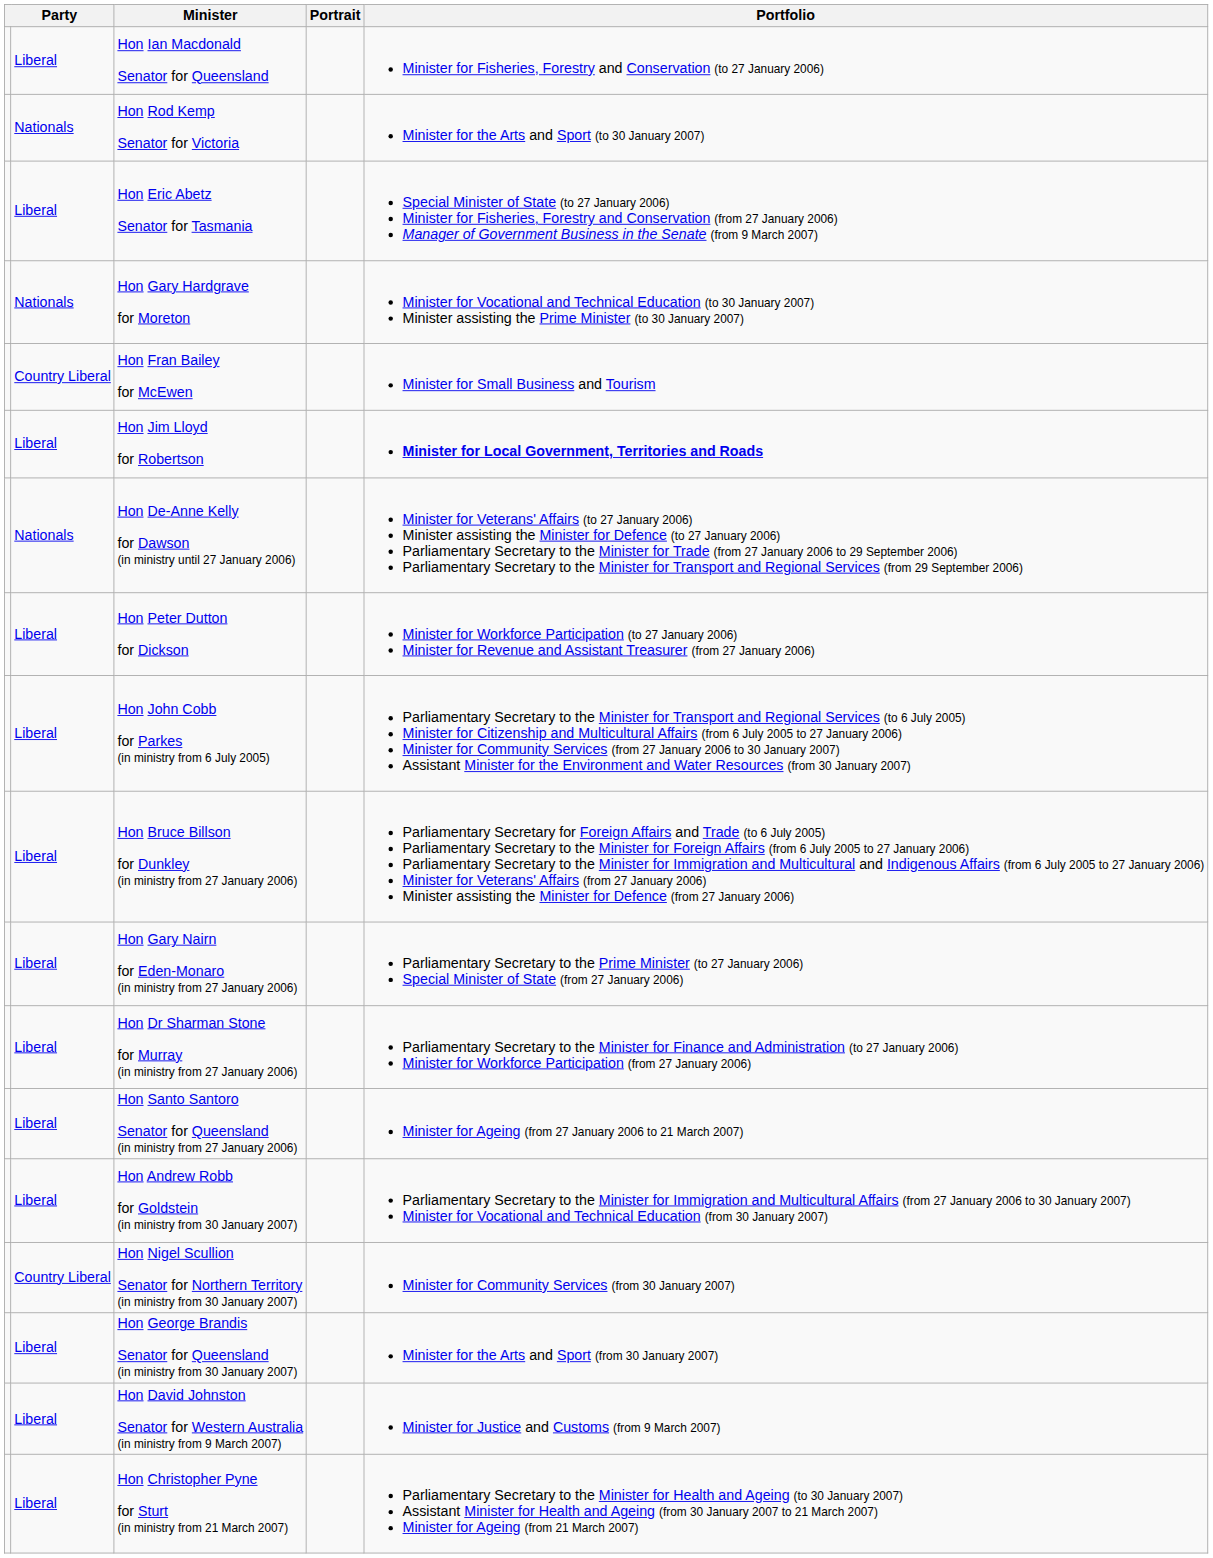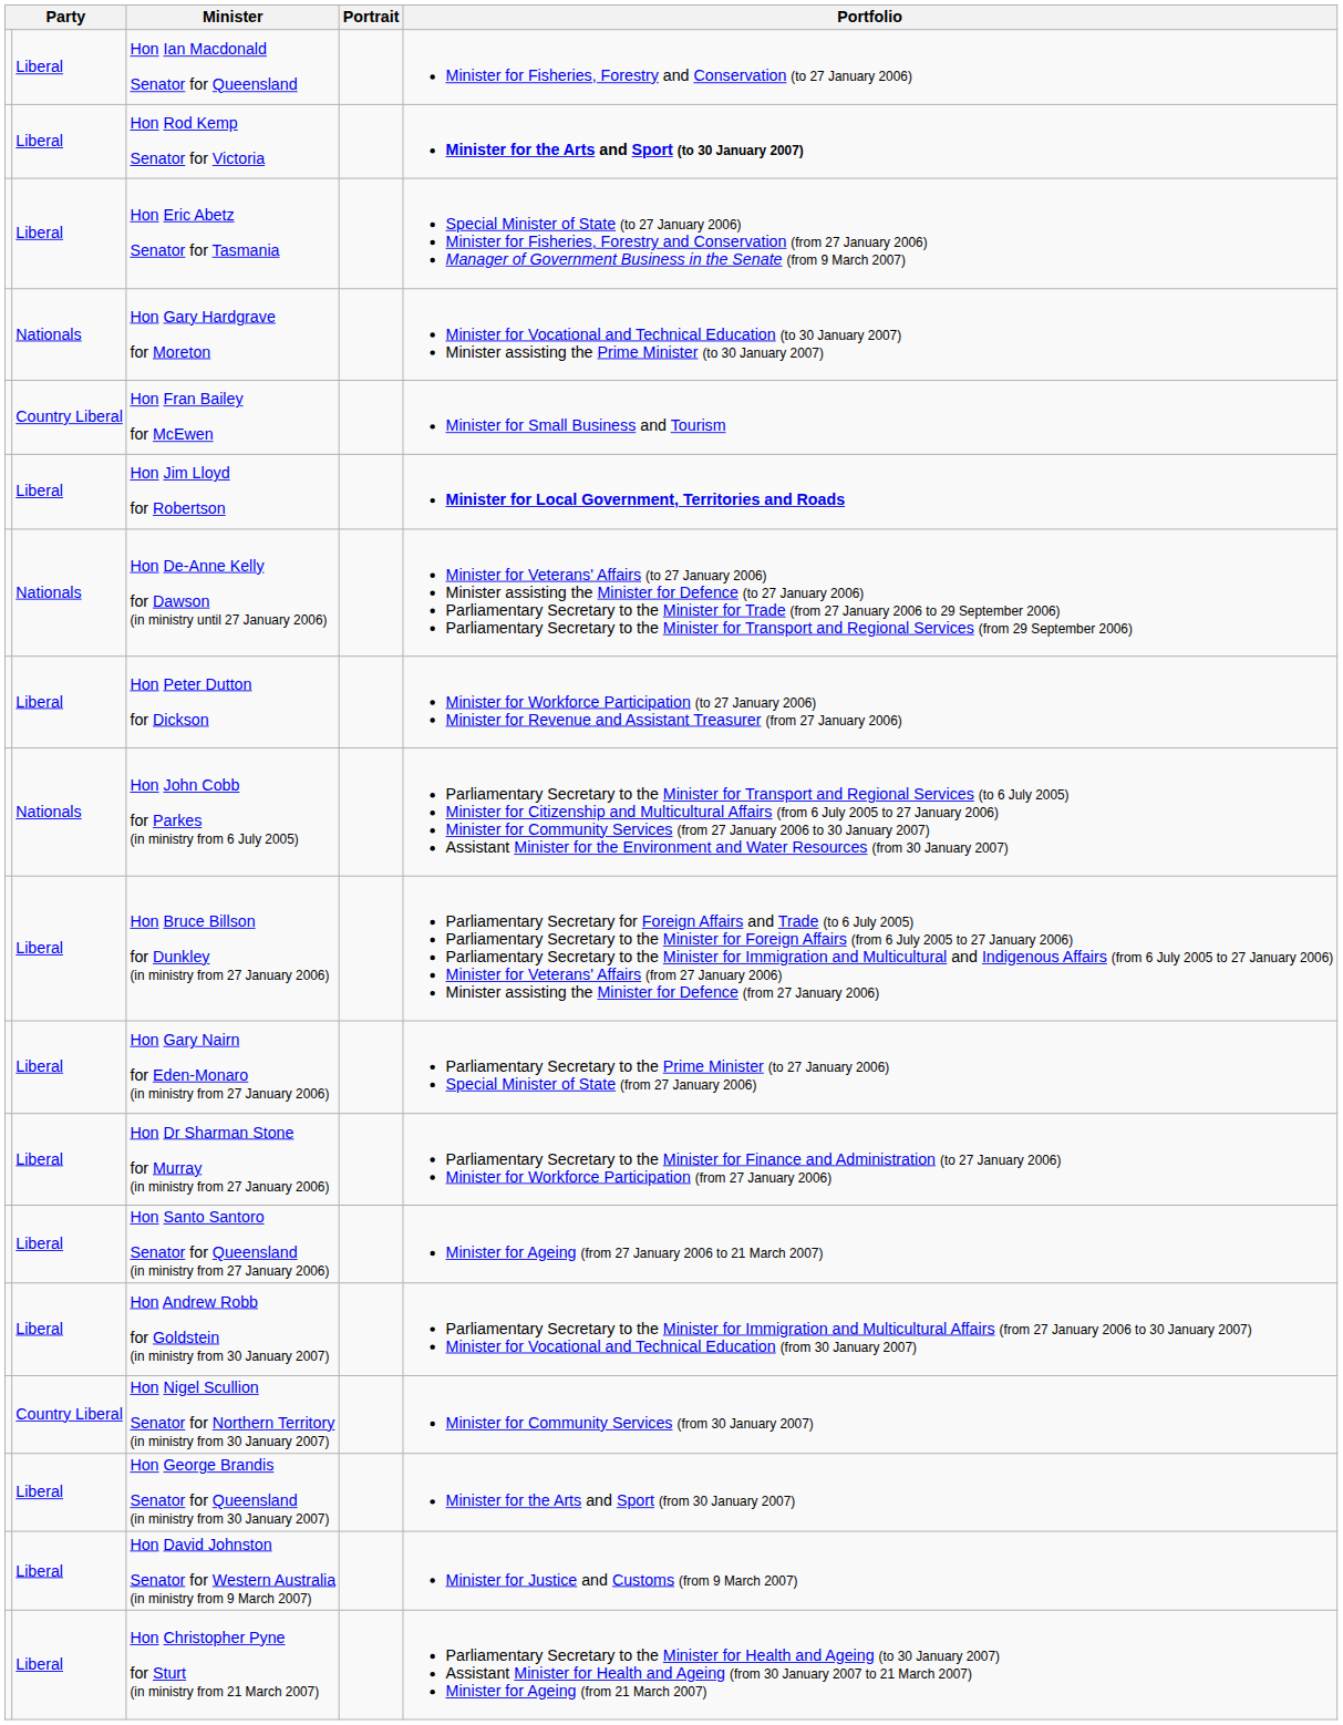 <table class="wikitable sortable">
 <tr>
 <th colspan="2">Party</th>
 <th>Minister</th>
 <th>Portrait</th>
 <th>Portfolio</th>
 </tr>
 <tr>
 <td></td>
 <td><a href='#'>Liberal</a></td>
 <td><a href='#'>Hon</a> <a href='#'>Ian Macdonald</a> <br><br><a href='#'>Senator</a> for <a href='#'>Queensland</a> <br></td>
 <td></td>
 <td><br><ul><li><a href='#'>Minister for Fisheries, Forestry</a> and <a href='#'>Conservation</a> <small>(to 27 January 2006)</small></li></ul></td>
 </tr>
 <tr>
 <td></td>
-<td><a href='#'>Nationals</a></td>
+<td><a href='#'>Liberal</a></td>
 <td><a href='#'>Hon</a> <a href='#'>Rod Kemp</a> <br><br><a href='#'>Senator</a> for <a href='#'>Victoria</a> <br></td>
 <td></td>
-<td><br><ul><li><a href='#'>Minister for the Arts</a> and <a href='#'>Sport</a> <small>(to 30 January 2007)</small></li></ul></td>
+<td><strong><br><ul><li><a href='#'>Minister for the Arts</a> and <a href='#'>Sport</a> <small>(to 30 January 2007)</small></li></ul></strong></td>
 </tr>
 <tr>
 <td></td>
 <td><a href='#'>Liberal</a></td>
 <td><a href='#'>Hon</a> <a href='#'>Eric Abetz</a> <br><br><a href='#'>Senator</a> for <a href='#'>Tasmania</a> <br></td>
 <td></td>
 <td><br><ul><li><a href='#'>Special Minister of State</a> <small>(to 27 January 2006)</small></li><li><a href='#'>Minister for Fisheries, Forestry and Conservation</a> <small>(from 27 January 2006)</small></li><li><em><a href='#'>Manager of Government Business in the Senate</a></em> <small>(from 9 March 2007)</small></li></ul></td>
 </tr>
 <tr>
 <td></td>
 <td><a href='#'>Nationals</a></td>
 <td><a href='#'>Hon</a> <a href='#'>Gary Hardgrave</a> <br><br> for <a href='#'>Moreton</a> <br></td>
 <td></td>
 <td><br><ul><li><a href='#'>Minister for Vocational and Technical Education</a> <small>(to 30 January 2007)</small></li><li>Minister assisting the <a href='#'>Prime Minister</a> <small>(to 30 January 2007)</small></li></ul></td>
 </tr>
 <tr>
 <td></td>
 <td><a href='#'>Country Liberal</a></td>
 <td><a href='#'>Hon</a> <a href='#'>Fran Bailey</a> <br><br> for <a href='#'>McEwen</a> <br></td>
 <td></td>
 <td><br><ul><li><a href='#'>Minister for Small Business</a> and <a href='#'>Tourism</a></li></ul></td>
 </tr>
 <tr>
 <td></td>
 <td><a href='#'>Liberal</a></td>
 <td><a href='#'>Hon</a> <a href='#'>Jim Lloyd</a> <br><br> for <a href='#'>Robertson</a> <br></td>
 <td></td>
 <td><strong><br><ul><li><a href='#'>Minister for Local Government, Territories and Roads</a></li></ul></strong></td>
 </tr>
 <tr>
 <td></td>
 <td><a href='#'>Nationals</a></td>
 <td><a href='#'>Hon</a> <a href='#'>De-Anne Kelly</a> <br><br> for <a href='#'>Dawson</a> <br> <small>(in ministry until 27 January 2006)</small></td>
 <td></td>
 <td><br><ul><li><a href='#'>Minister for Veterans' Affairs</a> <small>(to 27 January 2006)</small></li><li>Minister assisting the <a href='#'>Minister for Defence</a> <small>(to 27 January 2006)</small></li><li>Parliamentary Secretary to the <a href='#'>Minister for Trade</a> <small>(from 27 January 2006 to 29 September 2006)</small></li><li>Parliamentary Secretary to the <a href='#'>Minister for Transport and Regional Services</a> <small>(from 29 September 2006)</small></li></ul></td>
 </tr>
 <tr>
 <td></td>
 <td><a href='#'>Liberal</a></td>
 <td><a href='#'>Hon</a> <a href='#'>Peter Dutton</a> <br><br> for <a href='#'>Dickson</a> <br></td>
 <td></td>
 <td><br><ul><li><a href='#'>Minister for Workforce Participation</a> <small>(to 27 January 2006)</small></li><li><a href='#'>Minister for Revenue and Assistant Treasurer</a> <small>(from 27 January 2006)</small></li></ul></td>
 </tr>
 <tr>
 <td></td>
-<td><a href='#'>Liberal</a></td>
+<td><a href='#'>Nationals</a></td>
 <td><a href='#'>Hon</a> <a href='#'>John Cobb</a> <br><br> for <a href='#'>Parkes</a> <br> <small>(in ministry from 6 July 2005)</small></td>
 <td></td>
 <td><br><ul><li>Parliamentary Secretary to the <a href='#'>Minister for Transport and Regional Services</a> <small>(to 6 July 2005)</small></li><li><a href='#'>Minister for Citizenship and Multicultural Affairs</a> <small>(from 6 July 2005 to 27 January 2006)</small></li><li><a href='#'>Minister for Community Services</a> <small>(from 27 January 2006 to 30 January 2007)</small></li><li>Assistant <a href='#'>Minister for the Environment and Water Resources</a> <small>(from 30 January 2007)</small></li></ul></td>
 </tr>
 <tr>
 <td></td>
 <td><a href='#'>Liberal</a></td>
 <td><a href='#'>Hon</a> <a href='#'>Bruce Billson</a> <br><br> for <a href='#'>Dunkley</a> <br> <small>(in ministry from 27 January 2006)</small></td>
 <td></td>
 <td><br><ul><li>Parliamentary Secretary for <a href='#'>Foreign Affairs</a> and <a href='#'>Trade</a> <small>(to 6 July 2005)</small></li><li>Parliamentary Secretary to the <a href='#'>Minister for Foreign Affairs</a> <small>(from 6 July 2005 to 27 January 2006)</small></li><li>Parliamentary Secretary to the <a href='#'>Minister for Immigration and Multicultural</a> and <a href='#'>Indigenous Affairs</a> <small>(from 6 July 2005 to 27 January 2006)</small></li><li><a href='#'>Minister for Veterans' Affairs</a> <small>(from 27 January 2006)</small></li><li>Minister assisting the <a href='#'>Minister for Defence</a> <small>(from 27 January 2006)</small></li></ul></td>
 </tr>
 <tr>
 <td></td>
 <td><a href='#'>Liberal</a></td>
 <td><a href='#'>Hon</a> <a href='#'>Gary Nairn</a> <br><br> for <a href='#'>Eden-Monaro</a> <br> <small>(in ministry from 27 January 2006)</small></td>
 <td></td>
 <td><br><ul><li>Parliamentary Secretary to the <a href='#'>Prime Minister</a> <small>(to 27 January 2006)</small></li><li><a href='#'>Special Minister of State</a> <small>(from 27 January 2006)</small></li></ul></td>
 </tr>
 <tr>
 <td></td>
 <td><a href='#'>Liberal</a></td>
 <td><a href='#'>Hon</a> <a href='#'>Dr Sharman Stone</a> <br><br> for <a href='#'>Murray</a> <br> <small>(in ministry from 27 January 2006)</small></td>
 <td></td>
 <td><br><ul><li>Parliamentary Secretary to the <a href='#'>Minister for Finance and Administration</a> <small>(to 27 January 2006)</small></li><li><a href='#'>Minister for Workforce Participation</a> <small>(from 27 January 2006)</small></li></ul></td>
 </tr>
 <tr>
 <td></td>
 <td><a href='#'>Liberal</a></td>
 <td><a href='#'>Hon</a> <a href='#'>Santo Santoro</a> <br><br><a href='#'>Senator</a> for <a href='#'>Queensland</a> <br> <small>(in ministry from 27 January 2006)</small></td>
 <td></td>
 <td><br><ul><li><a href='#'>Minister for Ageing</a> <small>(from 27 January 2006 to 21 March 2007)</small></li></ul></td>
 </tr>
 <tr>
 <td></td>
 <td><a href='#'>Liberal</a></td>
 <td><a href='#'>Hon</a> <a href='#'>Andrew Robb</a> <br><br> for <a href='#'>Goldstein</a> <br> <small>(in ministry from 30 January 2007)</small></td>
 <td></td>
 <td><br><ul><li>Parliamentary Secretary to the <a href='#'>Minister for Immigration and Multicultural Affairs</a> <small>(from 27 January 2006 to 30 January 2007)</small></li><li><a href='#'>Minister for Vocational and Technical Education</a> <small>(from 30 January 2007)</small></li></ul></td>
 </tr>
 <tr>
 <td></td>
 <td><a href='#'>Country Liberal</a></td>
 <td><a href='#'>Hon</a> <a href='#'>Nigel Scullion</a> <br><br><a href='#'>Senator</a> for <a href='#'>Northern Territory</a> <br> <small>(in ministry from 30 January 2007)</small></td>
 <td></td>
 <td><br><ul><li><a href='#'>Minister for Community Services</a> <small>(from 30 January 2007)</small></li></ul></td>
 </tr>
 <tr>
 <td></td>
 <td><a href='#'>Liberal</a></td>
 <td><a href='#'>Hon</a> <a href='#'>George Brandis</a>  <br><br><a href='#'>Senator</a> for <a href='#'>Queensland</a> <br> <small>(in ministry from 30 January 2007)</small></td>
 <td></td>
 <td><br><ul><li><a href='#'>Minister for the Arts</a> and <a href='#'>Sport</a> <small>(from 30 January 2007)</small></li></ul></td>
 </tr>
 <tr>
 <td></td>
 <td><a href='#'>Liberal</a></td>
 <td><a href='#'>Hon</a> <a href='#'>David Johnston</a> <br><br><a href='#'>Senator</a> for <a href='#'>Western Australia</a> <br> <small>(in ministry from 9 March 2007)</small></td>
 <td></td>
 <td><br><ul><li><a href='#'>Minister for Justice</a> and <a href='#'>Customs</a> <small>(from 9 March 2007)</small></li></ul></td>
 </tr>
 <tr>
 <td></td>
 <td><a href='#'>Liberal</a></td>
 <td><a href='#'>Hon</a> <a href='#'>Christopher Pyne</a> <br><br> for <a href='#'>Sturt</a> <br> <small>(in ministry from 21 March 2007)</small></td>
 <td></td>
 <td><br><ul><li>Parliamentary Secretary to the <a href='#'>Minister for Health and Ageing</a> <small>(to 30 January 2007)</small></li><li>Assistant <a href='#'>Minister for Health and Ageing</a> <small>(from 30 January 2007 to 21 March 2007)</small></li><li><a href='#'>Minister for Ageing</a> <small>(from 21 March 2007)</small></li></ul></td>
 </tr>
 </table>
